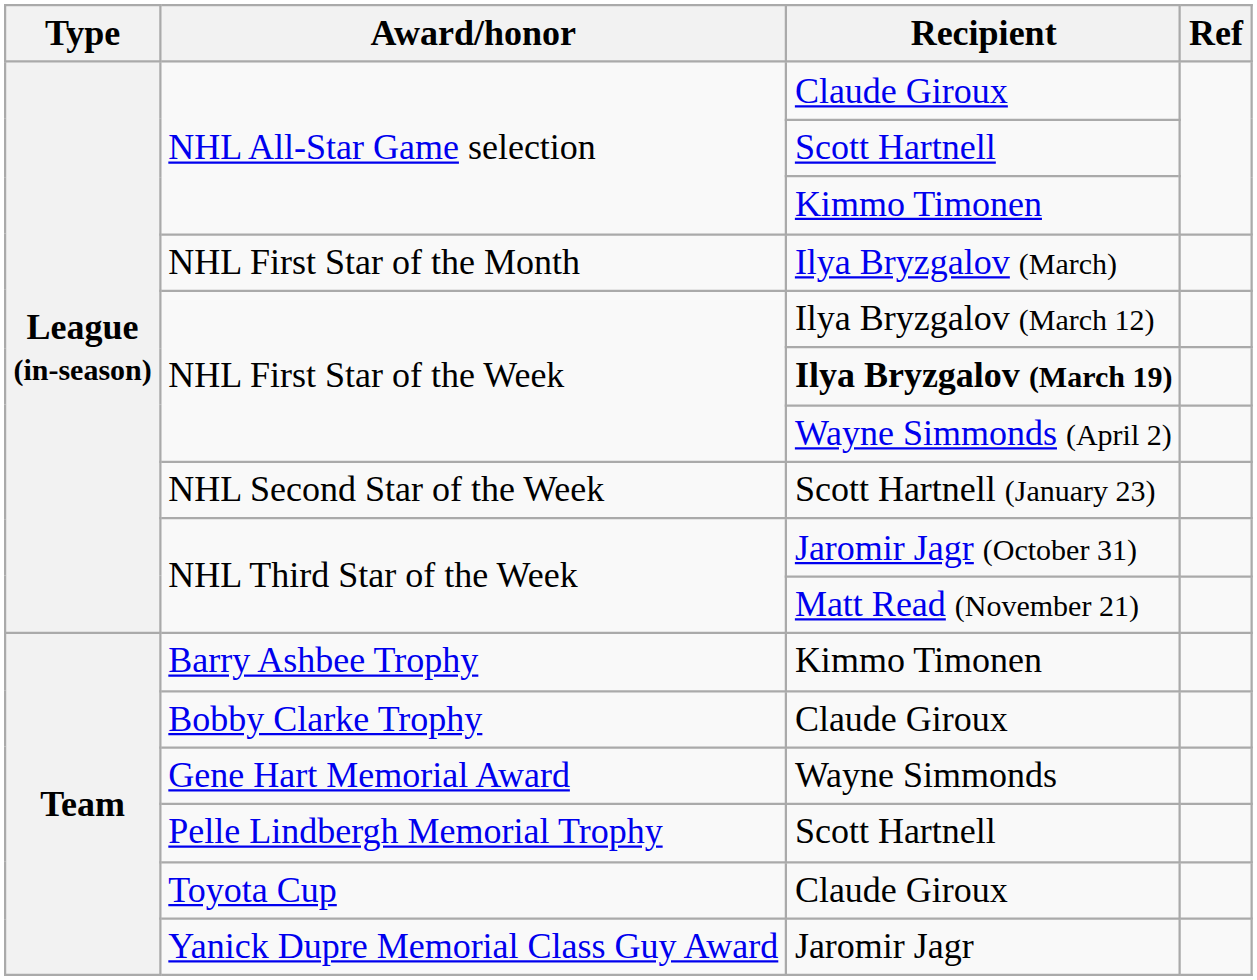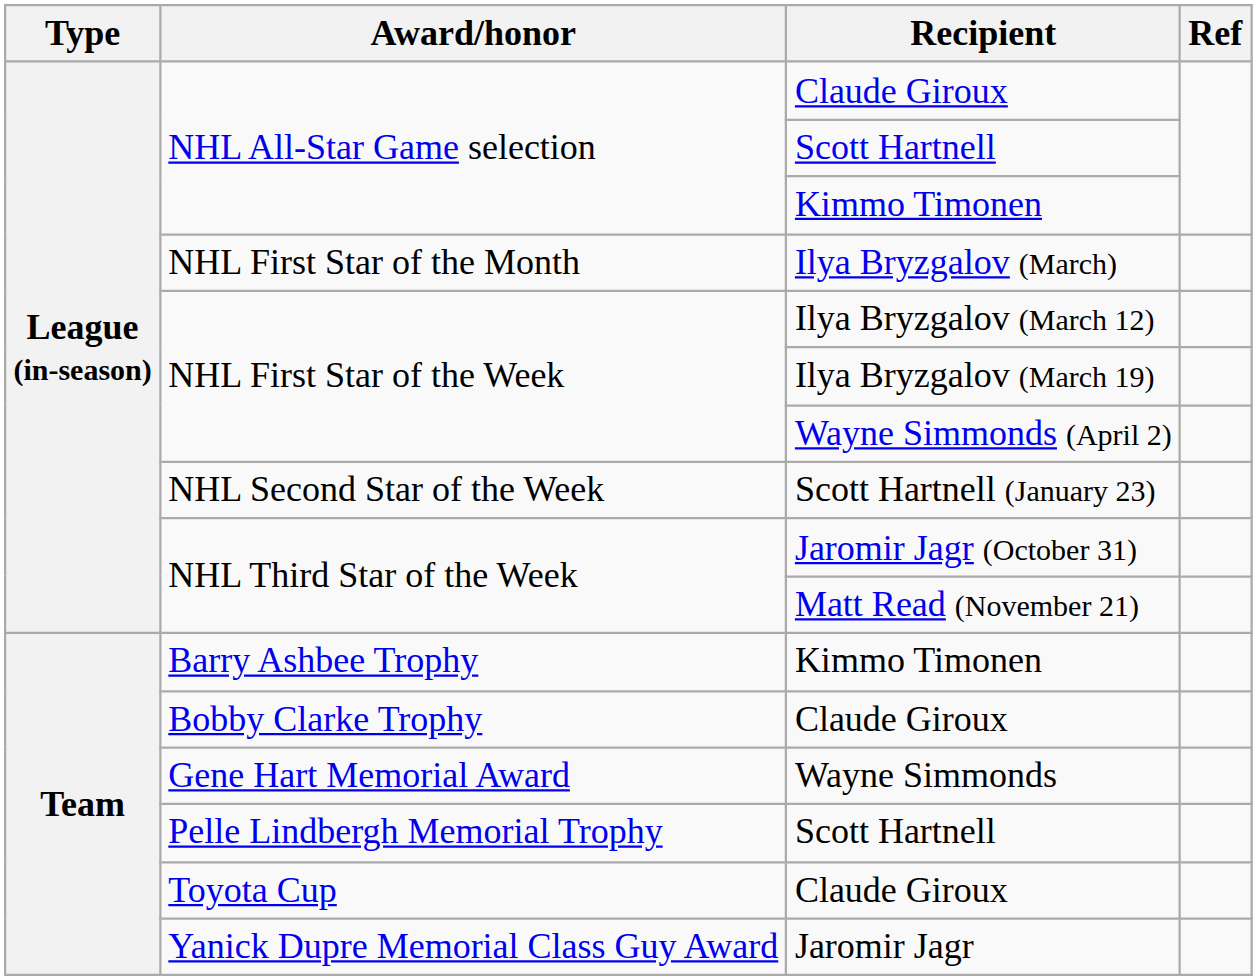 <table class="wikitable">
 <tr>
 <th scope="col">Type</th>
 <th scope="col">Award/honor</th>
 <th scope="col">Recipient</th>
 <th scope="col">Ref</th>
 </tr>
 <tr>
 <th scope="row" rowspan="10">League<br><small>(in-season)</small></th>
 <td rowspan="3"><a href='#'>NHL All-Star Game</a> selection</td>
 <td><a href='#'>Claude Giroux</a></td>
 <td rowspan="3"></td>
 </tr>
 <tr>
 <td><a href='#'>Scott Hartnell</a></td>
 </tr>
 <tr>
 <td><a href='#'>Kimmo Timonen</a></td>
 </tr>
 <tr>
 <td>NHL First Star of the Month</td>
 <td><a href='#'>Ilya Bryzgalov</a> <small>(March)</small></td>
 <td></td>
 </tr>
 <tr>
 <td rowspan="3">NHL First Star of the Week</td>
 <td>Ilya Bryzgalov <small>(March 12)</small></td>
 <td></td>
 </tr>
 <tr>
-<td><strong>Ilya Bryzgalov <small>(March 19)</small></strong></td>
+<td>Ilya Bryzgalov <small>(March 19)</small></td>
 <td></td>
 </tr>
 <tr>
 <td><a href='#'>Wayne Simmonds</a> <small>(April 2)</small></td>
 <td></td>
 </tr>
 <tr>
 <td>NHL Second Star of the Week</td>
 <td>Scott Hartnell <small>(January 23)</small></td>
 <td></td>
 </tr>
 <tr>
 <td rowspan="2">NHL Third Star of the Week</td>
 <td><a href='#'>Jaromir Jagr</a> <small>(October 31)</small></td>
 <td></td>
 </tr>
 <tr>
 <td><a href='#'>Matt Read</a> <small>(November 21)</small></td>
 <td></td>
 </tr>
 <tr>
 <th scope="row" rowspan="6">Team</th>
 <td><a href='#'>Barry Ashbee Trophy</a></td>
 <td>Kimmo Timonen</td>
 <td></td>
 </tr>
 <tr>
 <td><a href='#'>Bobby Clarke Trophy</a></td>
 <td>Claude Giroux</td>
 <td></td>
 </tr>
 <tr>
 <td><a href='#'>Gene Hart Memorial Award</a></td>
 <td>Wayne Simmonds</td>
 <td></td>
 </tr>
 <tr>
 <td><a href='#'>Pelle Lindbergh Memorial Trophy</a></td>
 <td>Scott Hartnell</td>
 <td></td>
 </tr>
 <tr>
 <td><a href='#'>Toyota Cup</a></td>
 <td>Claude Giroux</td>
 <td></td>
 </tr>
 <tr>
 <td><a href='#'>Yanick Dupre Memorial Class Guy Award</a></td>
 <td>Jaromir Jagr</td>
 <td></td>
 </tr>
 </table>
